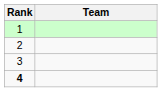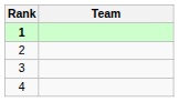 <table class="wikitable" style="text-align: center;">
 <tr>
 <th width=40>Rank</th>
 <th width=180>Team</th>
 </tr>
 <tr bgcolor="ccffcc">
-<td>1</td>
+<td><strong>1</strong></td>
 <td align="left"></td>
 </tr>
 <tr>
 <td>2</td>
 <td align="left"></td>
 </tr>
 <tr>
 <td>3</td>
 <td align="left"></td>
 </tr>
 <tr>
-<td><strong>4</strong></td>
+<td>4</td>
 <td align="left"></td>
 </tr>
 </table>
